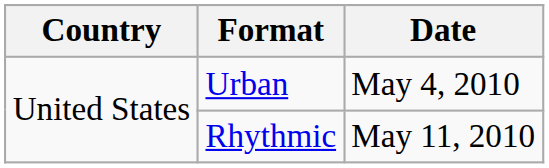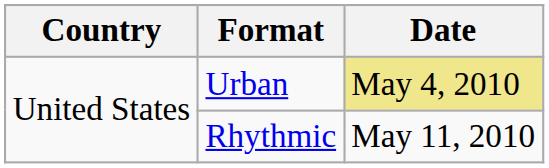 <table class="wikitable">
 <tr>
 <th>Country</th>
 <th>Format</th>
 <th>Date</th>
 </tr>
 <tr>
 <td rowspan="2">United States</td>
 <td><a href='#'>Urban</a></td>
-<td>May 4, 2010</td>
+<td style="background: khaki;">May 4, 2010</td>
 </tr>
 <tr>
 <td><a href='#'>Rhythmic</a></td>
 <td>May 11, 2010</td>
 </tr>
 </table>
